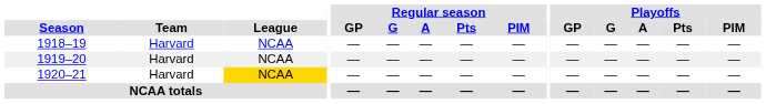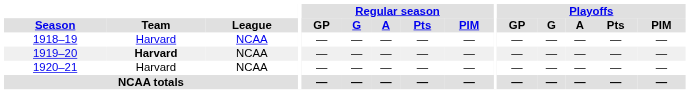 <table border="0" cellpadding="1" cellspacing="0" style="text-align:center; width:60em">
 <tr bgcolor="#e0e0e0">
 <th colspan="3" bgcolor="#ffffff"></th>
 <th rowspan="99" bgcolor="#ffffff"></th>
 <th colspan="5"><a href='#'>Regular season</a></th>
 <th rowspan="99" bgcolor="#ffffff"></th>
 <th colspan="5"><a href='#'>Playoffs</a></th>
 </tr>
 <tr bgcolor="#e0e0e0">
 <th><a href='#'>Season</a></th>
 <th>Team</th>
 <th>League</th>
 <th>GP</th>
 <th><a href='#'>G</a></th>
 <th><a href='#'>A</a></th>
 <th><a href='#'>Pts</a></th>
 <th><a href='#'>PIM</a></th>
 <th>GP</th>
 <th>G</th>
 <th>A</th>
 <th>Pts</th>
 <th>PIM</th>
 </tr>
 <tr>
 <td><a href='#'>1918–19</a></td>
 <td><a href='#'>Harvard</a></td>
 <td><a href='#'>NCAA</a></td>
 <td>—</td>
 <td>—</td>
 <td>—</td>
 <td>—</td>
 <td>—</td>
 <td>—</td>
 <td>—</td>
 <td>—</td>
 <td>—</td>
 <td>—</td>
 </tr>
 <tr bgcolor="#f0f0f0">
 <td><a href='#'>1919–20</a></td>
-<td>Harvard</td>
+<td><strong>Harvard</strong></td>
 <td>NCAA</td>
 <td>—</td>
 <td>—</td>
 <td>—</td>
 <td>—</td>
 <td>—</td>
 <td>—</td>
 <td>—</td>
 <td>—</td>
 <td>—</td>
 <td>—</td>
 </tr>
 <tr>
 <td><a href='#'>1920–21</a></td>
 <td>Harvard</td>
-<td style="background: gold;">NCAA</td>
+<td>NCAA</td>
 <td>—</td>
 <td>—</td>
 <td>—</td>
 <td>—</td>
 <td>—</td>
 <td>—</td>
 <td>—</td>
 <td>—</td>
 <td>—</td>
 <td>—</td>
 </tr>
 <tr bgcolor="#e0e0e0">
 <th colspan="3">NCAA totals</th>
 <th>—</th>
 <th>—</th>
 <th>—</th>
 <th>—</th>
 <th>—</th>
 <th>—</th>
 <th>—</th>
 <th>—</th>
 <th>—</th>
 <th>—</th>
 </tr>
 </table>
